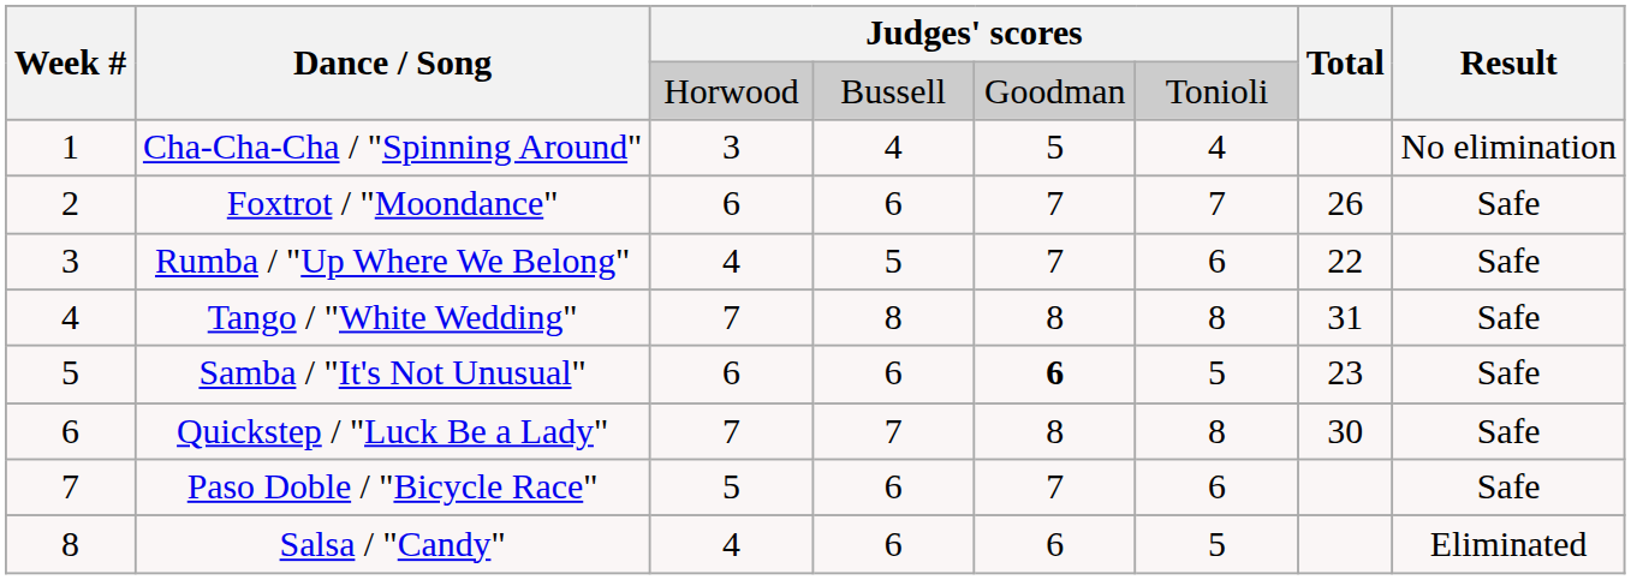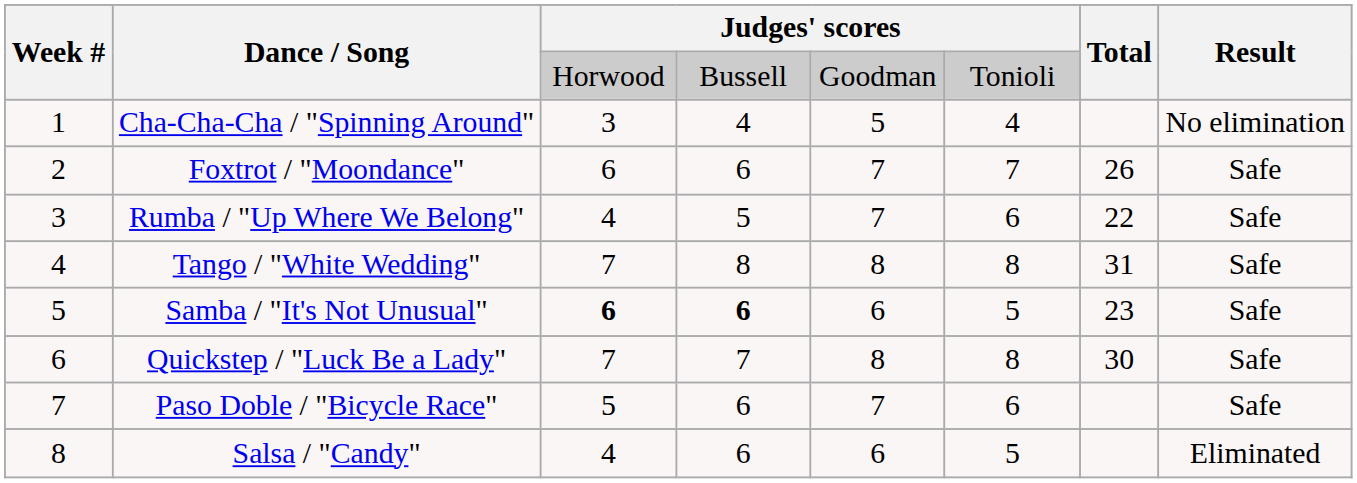 <table class="wikitable collapsible collapsed">
 <tr style="text-align:Center; background:#ccc;">
 <th rowspan="2">Week #</th>
 <th rowspan="2">Dance / Song</th>
 <th colspan="4">Judges' scores</th>
 <th rowspan="2">Total</th>
 <th rowspan="2">Result</th>
 </tr>
 <tr style="text-align:center; background:#ccc;">
 <td style="width:10%; ">Horwood</td>
 <td style="width:10%; ">Bussell</td>
 <td style="width:10%; ">Goodman</td>
 <td style="width:10%; ">Tonioli</td>
 </tr>
 <tr style="text-align: center; background:#faf6f6;">
 <td>1</td>
 <td><a href='#'>Cha-Cha-Cha</a> / "<a href='#'>Spinning Around</a>"</td>
 <td>3</td>
 <td>4</td>
 <td>5</td>
 <td>4</td>
 <td></td>
 <td>No elimination</td>
 </tr>
 <tr style="text-align: center; background:#faf6f6;">
 <td>2</td>
 <td><a href='#'>Foxtrot</a> / "<a href='#'>Moondance</a>"</td>
 <td>6</td>
 <td>6</td>
 <td>7</td>
 <td>7</td>
 <td>26</td>
 <td>Safe</td>
 </tr>
 <tr style="text-align: center; background:#faf6f6;">
 <td>3</td>
 <td><a href='#'>Rumba</a> / "<a href='#'>Up Where We Belong</a>"</td>
 <td>4</td>
 <td>5</td>
 <td>7</td>
 <td>6</td>
 <td>22</td>
 <td>Safe</td>
 </tr>
 <tr style="text-align: center; background:#faf6f6;">
 <td>4</td>
 <td><a href='#'>Tango</a> / "<a href='#'>White Wedding</a>"</td>
 <td>7</td>
 <td>8</td>
 <td>8</td>
 <td>8</td>
 <td>31</td>
 <td>Safe</td>
 </tr>
 <tr style="text-align: center; background:#faf6f6;">
 <td>5</td>
 <td><a href='#'>Samba</a> / "<a href='#'>It's Not Unusual</a>"</td>
+<td><strong>6</strong></td>
+<td><strong>6</strong></td>
 <td>6</td>
-<td>6</td>
-<td><strong>6</strong></td>
 <td>5</td>
 <td>23</td>
 <td>Safe</td>
 </tr>
 <tr style="text-align: center; background:#faf6f6;">
 <td>6</td>
 <td><a href='#'>Quickstep</a> / "<a href='#'>Luck Be a Lady</a>"</td>
 <td>7</td>
 <td>7</td>
 <td>8</td>
 <td>8</td>
 <td>30</td>
 <td>Safe</td>
 </tr>
 <tr style="text-align: center; background:#faf6f6;">
 <td>7</td>
 <td><a href='#'>Paso Doble</a> / "<a href='#'>Bicycle Race</a>"</td>
 <td>5</td>
 <td>6</td>
 <td>7</td>
 <td>6</td>
 <td></td>
 <td>Safe</td>
 </tr>
 <tr style="text-align: center; background:#faf6f6;">
 <td>8</td>
 <td><a href='#'>Salsa</a> / "<a href='#'>Candy</a>"</td>
 <td>4</td>
 <td>6</td>
 <td>6</td>
 <td>5</td>
 <td></td>
 <td>Eliminated</td>
 </tr>
 </table>
